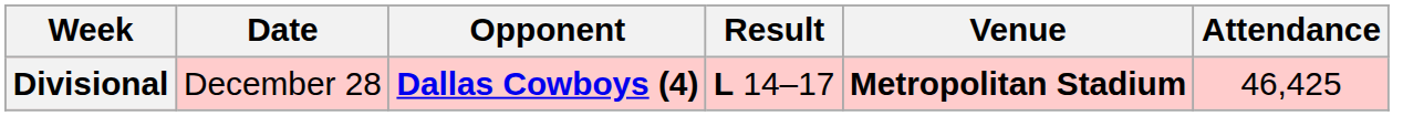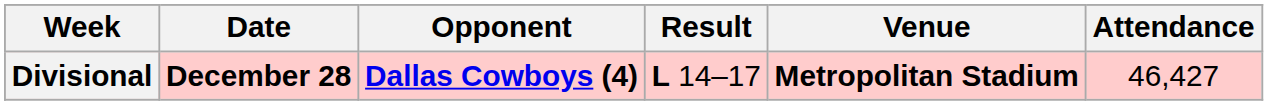 <table class="wikitable" style="text-align:center">
 <tr>
 <th>Week</th>
 <th>Date</th>
 <th>Opponent</th>
 <th>Result</th>
 <th>Venue</th>
 <th>Attendance</th>
 </tr>
 <tr style="background:#ffcccc">
 <th>Divisional</th>
-<td>December 28</td>
+<td><strong>December 28</strong></td>
 <td><strong><a href='#'>Dallas Cowboys</a> (4)</strong></td>
 <td><strong>L</strong> 14–17</td>
 <td><strong>Metropolitan Stadium</strong></td>
-<td>46,425</td>
+<td>46,427</td>
 </tr>
 </table>
